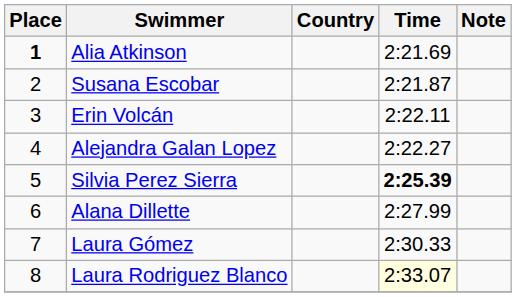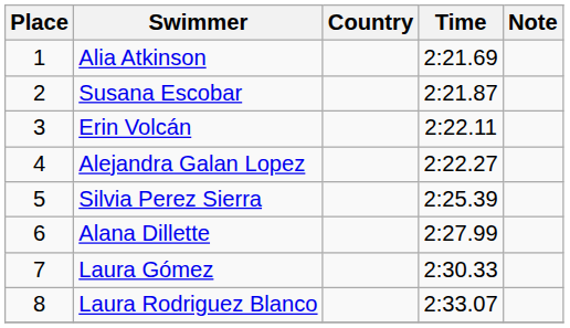 <table class="wikitable" style="text-align:center">
 <tr>
 <th>Place</th>
 <th>Swimmer</th>
 <th>Country</th>
 <th>Time</th>
 <th>Note</th>
 </tr>
 <tr>
-<td><strong>1</strong></td>
+<td>1</td>
 <td align=left><a href='#'>Alia Atkinson</a></td>
 <td align=left></td>
 <td>2:21.69</td>
 <td></td>
 </tr>
 <tr>
 <td>2</td>
 <td align=left><a href='#'>Susana Escobar</a></td>
 <td align=left></td>
 <td>2:21.87</td>
 <td></td>
 </tr>
 <tr>
 <td>3</td>
 <td align=left><a href='#'>Erin Volcán</a></td>
 <td align=left></td>
 <td>2:22.11</td>
 <td></td>
 </tr>
 <tr>
 <td>4</td>
 <td align=left><a href='#'>Alejandra Galan Lopez</a></td>
 <td align=left></td>
 <td>2:22.27</td>
 <td></td>
 </tr>
 <tr>
 <td>5</td>
 <td align=left><a href='#'>Silvia Perez Sierra</a></td>
 <td align=left></td>
-<td><strong>2:25.39</strong></td>
+<td>2:25.39</td>
 <td></td>
 </tr>
 <tr>
 <td>6</td>
 <td align=left><a href='#'>Alana Dillette</a></td>
 <td align=left></td>
 <td>2:27.99</td>
 <td></td>
 </tr>
 <tr>
 <td>7</td>
 <td align=left><a href='#'>Laura Gómez</a></td>
 <td align=left></td>
 <td>2:30.33</td>
 <td></td>
 </tr>
 <tr>
 <td>8</td>
 <td align=left><a href='#'>Laura Rodriguez Blanco</a></td>
 <td align=left></td>
-<td style="background: lightyellow;">2:33.07</td>
+<td>2:33.07</td>
 <td></td>
 </tr>
 <tr>
 </tr>
 </table>
